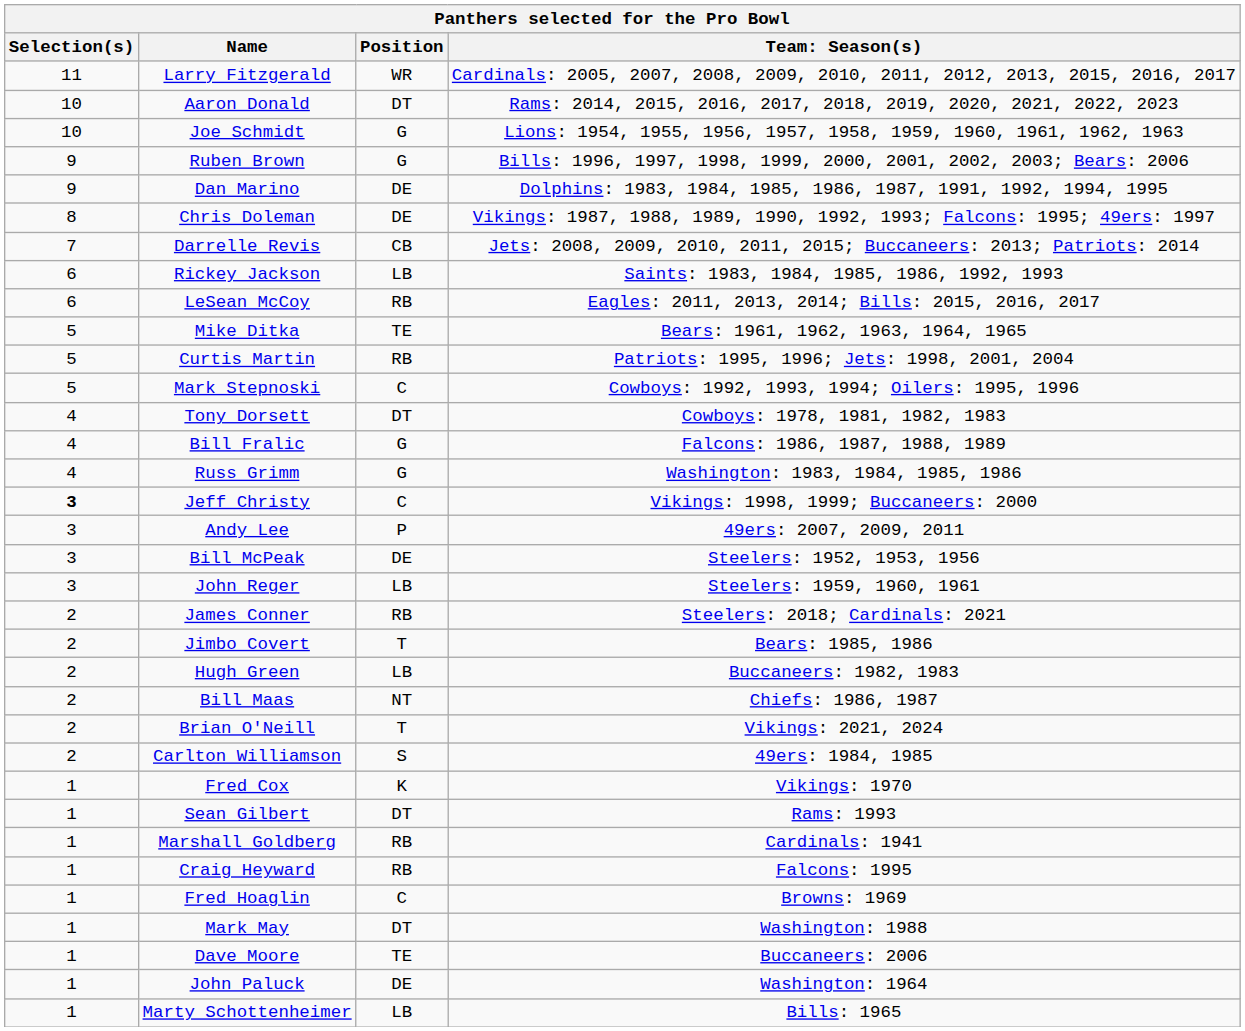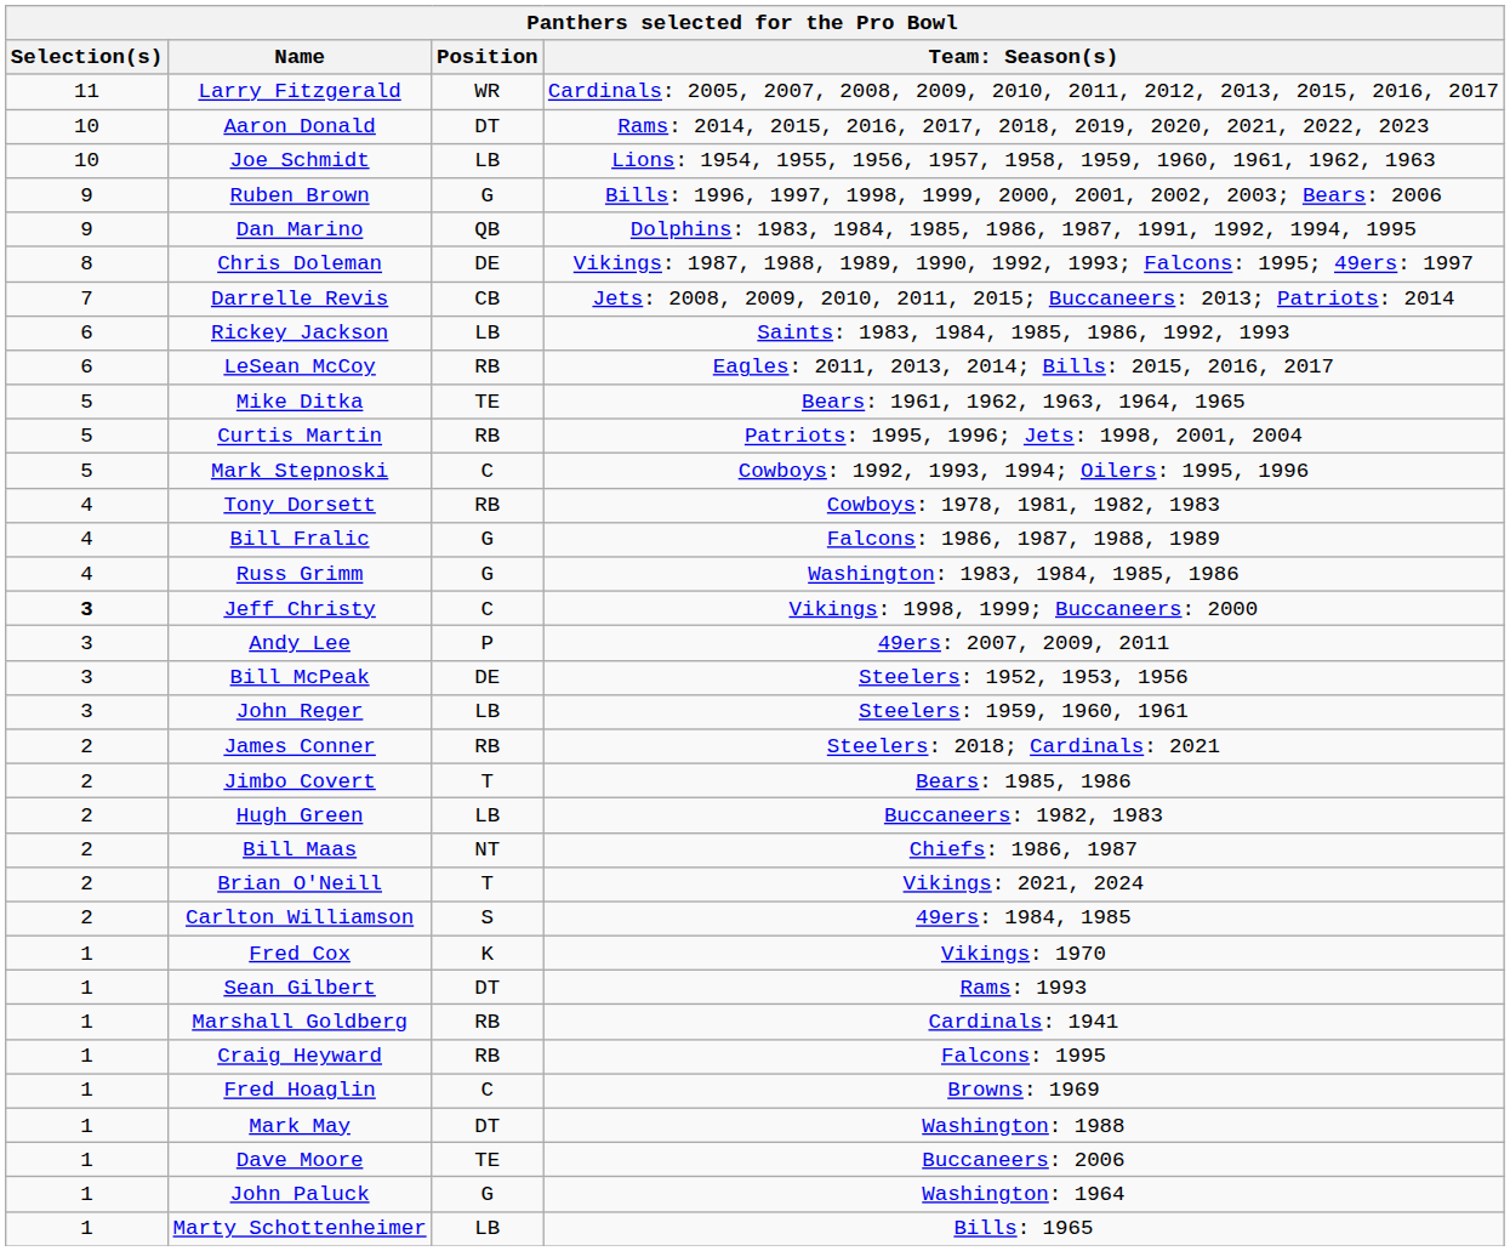 <table class="sortable wikitable" style="text-align:center">
 <tr>
 <th colspan=4>Panthers selected for the Pro Bowl  </th>
 </tr>
 <tr>
 <th>Selection(s)</th>
 <th>Name</th>
 <th>Position</th>
 <th>Team: Season(s)</th>
 </tr>
 <tr>
 <td>11</td>
 <td><a href='#'>Larry Fitzgerald</a></td>
 <td>WR</td>
 <td><a href='#'>Cardinals</a>: 2005, 2007, 2008, 2009, 2010, 2011, 2012, 2013, 2015, 2016, 2017</td>
 </tr>
 <tr>
 <td>10</td>
 <td><a href='#'>Aaron Donald</a></td>
 <td>DT</td>
 <td><a href='#'>Rams</a>: 2014, 2015, 2016, 2017, 2018, 2019, 2020, 2021, 2022, 2023</td>
 </tr>
 <tr>
 <td>10</td>
 <td><a href='#'>Joe Schmidt</a></td>
-<td>G</td>
+<td>LB</td>
 <td><a href='#'>Lions</a>: 1954, 1955, 1956, 1957, 1958, 1959, 1960, 1961, 1962, 1963</td>
 </tr>
 <tr>
 <td>9</td>
 <td><a href='#'>Ruben Brown</a></td>
 <td>G</td>
 <td><a href='#'>Bills</a>: 1996, 1997, 1998, 1999, 2000, 2001, 2002, 2003; <a href='#'>Bears</a>: 2006</td>
 </tr>
 <tr>
 <td>9</td>
 <td><a href='#'>Dan Marino</a></td>
-<td>DE</td>
+<td>QB</td>
 <td><a href='#'>Dolphins</a>: 1983, 1984, 1985, 1986, 1987, 1991, 1992, 1994, 1995</td>
 </tr>
 <tr>
 <td>8</td>
 <td><a href='#'>Chris Doleman</a></td>
 <td>DE</td>
 <td><a href='#'>Vikings</a>: 1987, 1988, 1989, 1990, 1992, 1993; <a href='#'>Falcons</a>: 1995; <a href='#'>49ers</a>: 1997</td>
 </tr>
 <tr>
 <td>7</td>
 <td><a href='#'>Darrelle Revis</a></td>
 <td>CB</td>
 <td><a href='#'>Jets</a>: 2008, 2009, 2010, 2011, 2015; <a href='#'>Buccaneers</a>: 2013; <a href='#'>Patriots</a>: 2014</td>
 </tr>
 <tr>
 <td>6</td>
 <td><a href='#'>Rickey Jackson</a></td>
 <td>LB</td>
 <td><a href='#'>Saints</a>: 1983, 1984, 1985, 1986, 1992, 1993</td>
 </tr>
 <tr>
 <td>6</td>
 <td><a href='#'>LeSean McCoy</a></td>
 <td>RB</td>
 <td><a href='#'>Eagles</a>: 2011, 2013, 2014; <a href='#'>Bills</a>: 2015, 2016, 2017</td>
 </tr>
 <tr>
 <td>5</td>
 <td><a href='#'>Mike Ditka</a></td>
 <td>TE</td>
 <td><a href='#'>Bears</a>: 1961, 1962, 1963, 1964, 1965</td>
 </tr>
 <tr>
 <td>5</td>
 <td><a href='#'>Curtis Martin</a></td>
 <td>RB</td>
 <td><a href='#'>Patriots</a>: 1995, 1996; <a href='#'>Jets</a>: 1998, 2001, 2004</td>
 </tr>
 <tr>
 <td>5</td>
 <td><a href='#'>Mark Stepnoski</a></td>
 <td>C</td>
 <td><a href='#'>Cowboys</a>: 1992, 1993, 1994; <a href='#'>Oilers</a>: 1995, 1996</td>
 </tr>
 <tr>
 <td>4</td>
 <td><a href='#'>Tony Dorsett</a></td>
-<td>DT</td>
+<td>RB</td>
 <td><a href='#'>Cowboys</a>: 1978, 1981, 1982, 1983</td>
 </tr>
 <tr>
 <td>4</td>
 <td><a href='#'>Bill Fralic</a></td>
 <td>G</td>
 <td><a href='#'>Falcons</a>: 1986, 1987, 1988, 1989</td>
 </tr>
 <tr>
 <td>4</td>
 <td><a href='#'>Russ Grimm</a></td>
 <td>G</td>
 <td><a href='#'>Washington</a>: 1983, 1984, 1985, 1986</td>
 </tr>
 <tr>
 <td><strong>3</strong></td>
 <td><a href='#'>Jeff Christy</a></td>
 <td>C</td>
 <td><a href='#'>Vikings</a>: 1998, 1999; <a href='#'>Buccaneers</a>: 2000</td>
 </tr>
 <tr>
 <td>3</td>
 <td><a href='#'>Andy Lee</a></td>
 <td>P</td>
 <td><a href='#'>49ers</a>: 2007, 2009, 2011</td>
 </tr>
 <tr>
 <td>3</td>
 <td><a href='#'>Bill McPeak</a></td>
 <td>DE</td>
 <td><a href='#'>Steelers</a>: 1952, 1953, 1956</td>
 </tr>
 <tr>
 <td>3</td>
 <td><a href='#'>John Reger</a></td>
 <td>LB</td>
 <td><a href='#'>Steelers</a>: 1959, 1960, 1961</td>
 </tr>
 <tr>
 <td>2</td>
 <td><a href='#'>James Conner</a></td>
 <td>RB</td>
 <td><a href='#'>Steelers</a>: 2018; <a href='#'>Cardinals</a>: 2021</td>
 </tr>
 <tr>
 <td>2</td>
 <td><a href='#'>Jimbo Covert</a></td>
 <td>T</td>
 <td><a href='#'>Bears</a>: 1985, 1986</td>
 </tr>
 <tr>
 <td>2</td>
 <td><a href='#'>Hugh Green</a></td>
 <td>LB</td>
 <td><a href='#'>Buccaneers</a>: 1982, 1983</td>
 </tr>
 <tr>
 <td>2</td>
 <td><a href='#'>Bill Maas</a></td>
 <td>NT</td>
 <td><a href='#'>Chiefs</a>: 1986, 1987</td>
 </tr>
 <tr>
 <td>2</td>
 <td><a href='#'>Brian O'Neill</a></td>
 <td>T</td>
 <td><a href='#'>Vikings</a>: 2021, 2024</td>
 </tr>
 <tr>
 <td>2</td>
 <td><a href='#'>Carlton Williamson</a></td>
 <td>S</td>
 <td><a href='#'>49ers</a>: 1984, 1985</td>
 </tr>
 <tr>
 <td>1</td>
 <td><a href='#'>Fred Cox</a></td>
 <td>K</td>
 <td><a href='#'>Vikings</a>: 1970</td>
 </tr>
 <tr>
 <td>1</td>
 <td><a href='#'>Sean Gilbert</a></td>
 <td>DT</td>
 <td><a href='#'>Rams</a>: 1993</td>
 </tr>
 <tr>
 <td>1</td>
 <td><a href='#'>Marshall Goldberg</a></td>
 <td>RB</td>
 <td><a href='#'>Cardinals</a>: 1941</td>
 </tr>
 <tr>
 <td>1</td>
 <td><a href='#'>Craig Heyward</a></td>
 <td>RB</td>
 <td><a href='#'>Falcons</a>: 1995</td>
 </tr>
 <tr>
 <td>1</td>
 <td><a href='#'>Fred Hoaglin</a></td>
 <td>C</td>
 <td><a href='#'>Browns</a>: 1969</td>
 </tr>
 <tr>
 <td>1</td>
 <td><a href='#'>Mark May</a></td>
 <td>DT</td>
 <td><a href='#'>Washington</a>: 1988</td>
 </tr>
 <tr>
 <td>1</td>
 <td><a href='#'>Dave Moore</a></td>
 <td>TE</td>
 <td><a href='#'>Buccaneers</a>: 2006</td>
 </tr>
 <tr>
 <td>1</td>
 <td><a href='#'>John Paluck</a></td>
-<td>DE</td>
+<td>G</td>
 <td><a href='#'>Washington</a>: 1964</td>
 </tr>
 <tr>
 <td>1</td>
 <td><a href='#'>Marty Schottenheimer</a></td>
 <td>LB</td>
 <td><a href='#'>Bills</a>: 1965</td>
 </tr>
 </table>
